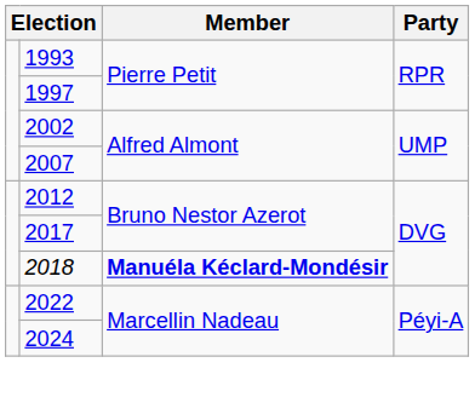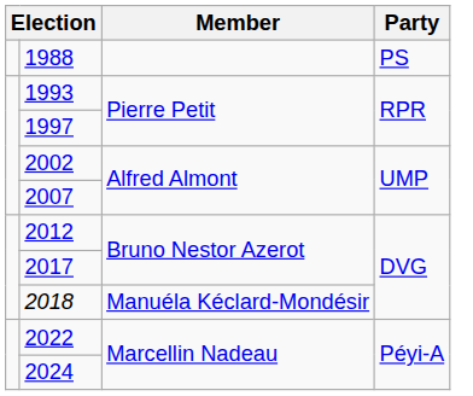 <table class="wikitable">
 <tr>
 <th colspan="2">Election</th>
 <th>Member</th>
 <th>Party</th>
+</tr>
+<tr>
+<td style="color:inherit;background-color: "></td>
+<td><a href='#'>1988</a></td>
+<td></td>
+<td><a href='#'>PS</a></td>
 </tr>
 <tr>
 <td rowspan=4 style="background-color: "></td>
 <td><a href='#'>1993</a></td>
 <td rowspan=2><a href='#'>Pierre Petit</a></td>
 <td rowspan=2><a href='#'>RPR</a></td>
 </tr>
 <tr>
 <td><a href='#'>1997</a></td>
 </tr>
 <tr>
 <td><a href='#'>2002</a></td>
 <td rowspan=2><a href='#'>Alfred Almont</a></td>
 <td rowspan=2><a href='#'>UMP</a></td>
 </tr>
 <tr>
 <td><a href='#'>2007</a></td>
 </tr>
 <tr>
 <td rowspan="3" style="color:inherit;background-color: "></td>
 <td><a href='#'>2012</a></td>
 <td rowspan=2><a href='#'>Bruno Nestor Azerot</a></td>
 <td rowspan="3"><a href='#'>DVG</a></td>
 </tr>
 <tr>
 <td><a href='#'>2017</a></td>
 </tr>
 <tr>
 <td><em>2018</em></td>
-<td><strong><a href='#'>Manuéla Kéclard-Mondésir</a></strong></td>
+<td><a href='#'>Manuéla Kéclard-Mondésir</a></td>
 </tr>
 <tr>
 <td rowspan="2" style="color:inherit;background-color: "></td>
 <td><a href='#'>2022</a></td>
 <td rowspan="2"><a href='#'>Marcellin Nadeau</a></td>
 <td rowspan="2"><a href='#'>Péyi-A</a></td>
 </tr>
 <tr>
 <td><a href='#'>2024</a></td>
 </tr>
 </table>
